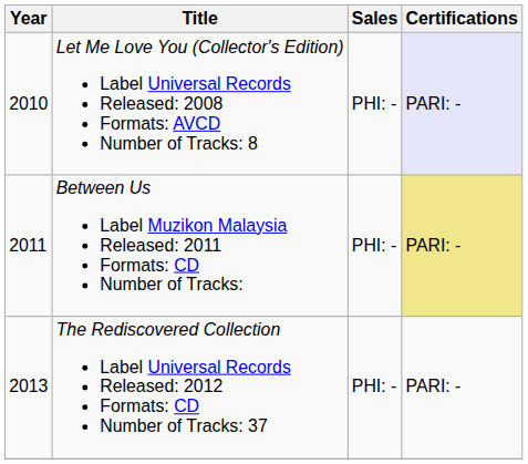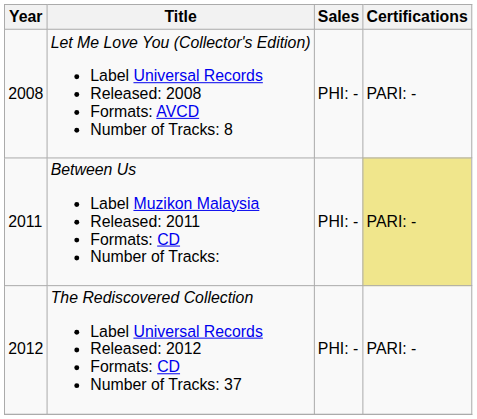 <table class="wikitable">
 <tr>
 <th>Year</th>
 <th>Title</th>
 <th>Sales</th>
 <th>Certifications</th>
 </tr>
 <tr>
-<td>2010</td>
+<td>2008</td>
 <td><em>Let Me Love You (Collector's Edition)</em><br><ul><li>Label <a href='#'>Universal Records</a></li><li>Released: 2008</li><li>Formats: <a href='#'>AVCD</a></li><li>Number of Tracks: 8</li></ul></td>
 <td>PHI: -</td>
-<td style="background: lavender;">PARI: -</td>
+<td>PARI: -</td>
 </tr>
 <tr>
 <td>2011</td>
 <td><em>Between Us</em><br><ul><li>Label <a href='#'>Muzikon Malaysia</a></li><li>Released: 2011</li><li>Formats: <a href='#'>CD</a></li><li>Number of Tracks:</li></ul></td>
 <td>PHI: -</td>
 <td style="background: khaki;">PARI: -</td>
 </tr>
 <tr>
-<td>2013</td>
+<td>2012</td>
 <td><em>The Rediscovered Collection</em><br><ul><li>Label <a href='#'>Universal Records</a></li><li>Released: 2012</li><li>Formats: <a href='#'>CD</a></li><li>Number of Tracks: 37</li></ul></td>
 <td>PHI: -</td>
 <td>PARI: -</td>
 </tr>
 <tr>
 </tr>
 </table>
